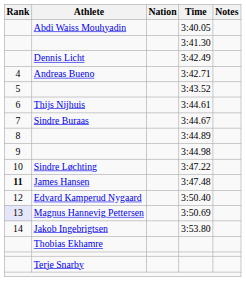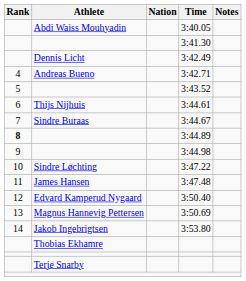 <table class="wikitable sortable" style="text-align:center;">
 <tr>
 <th scope="col" style="width: 10px;">Rank</th>
 <th scope="col">Athlete</th>
 <th scope="col">Nation</th>
 <th scope="col">Time</th>
 <th scope="col">Notes</th>
 </tr>
 <tr>
 <td></td>
 <td align=left><a href='#'>Abdi Waiss Mouhyadin</a></td>
 <td align=left></td>
 <td>3:40.05</td>
 <td></td>
 </tr>
 <tr>
 <td></td>
 <td align=left></td>
 <td align=left></td>
 <td>3:41.30</td>
 <td></td>
 </tr>
 <tr>
 <td></td>
 <td align=left><a href='#'>Dennis Licht</a></td>
 <td align=left></td>
 <td>3:42.49</td>
 <td></td>
 </tr>
 <tr>
 <td>4</td>
 <td align=left><a href='#'>Andreas Bueno</a></td>
 <td align=left></td>
 <td>3:42.71</td>
 <td></td>
 </tr>
 <tr>
 <td>5</td>
 <td align=left></td>
 <td align=left></td>
 <td>3:43.52</td>
 <td></td>
 </tr>
 <tr>
 <td>6</td>
 <td align=left><a href='#'>Thijs Nijhuis</a></td>
 <td align=left></td>
 <td>3:44.61</td>
 <td></td>
 </tr>
 <tr>
 <td>7</td>
 <td align=left><a href='#'>Sindre Buraas</a></td>
 <td align=left></td>
 <td>3:44.67</td>
 <td></td>
 </tr>
 <tr>
-<td>8</td>
+<td><strong>8</strong></td>
 <td align=left></td>
 <td align=left></td>
 <td>3:44.89</td>
 <td></td>
 </tr>
 <tr>
 <td>9</td>
 <td align=left></td>
 <td align=left></td>
 <td>3:44.98</td>
 <td></td>
 </tr>
 <tr>
 <td>10</td>
 <td align=left><a href='#'>Sindre Løchting</a></td>
 <td align=left></td>
 <td>3:47.22</td>
 <td></td>
 </tr>
 <tr>
-<td><strong>11</strong></td>
+<td>11</td>
 <td align=left><a href='#'>James Hansen</a></td>
 <td align=left></td>
 <td>3:47.48</td>
 <td></td>
 </tr>
 <tr>
 <td>12</td>
 <td align=left><a href='#'>Edvard Kamperud Nygaard</a></td>
 <td align=left></td>
 <td>3:50.40</td>
 <td></td>
 </tr>
 <tr>
-<td style="background: lavender;">13</td>
+<td>13</td>
 <td align=left><a href='#'>Magnus Hannevig Pettersen</a></td>
 <td align=left></td>
 <td>3:50.69</td>
 <td></td>
 </tr>
 <tr>
 <td>14</td>
 <td align=left><a href='#'>Jakob Ingebrigtsen</a></td>
 <td align=left></td>
 <td>3:53.80</td>
 <td></td>
 </tr>
 <tr>
 <td></td>
 <td align="left"><a href='#'>Thobias Ekhamre</a></td>
 <td align="left"></td>
 <td></td>
 <td></td>
 </tr>
 <tr>
 <td></td>
 <td align="left"></td>
 <td align="left"></td>
 <td></td>
 <td></td>
 </tr>
 <tr>
 <td></td>
 <td align="left"><a href='#'>Terje Snarby</a></td>
 <td align="left"></td>
 <td></td>
 <td></td>
 </tr>
 <tr class="sortbottom">
 <td colspan="5"></td>
 </tr>
 </table>
